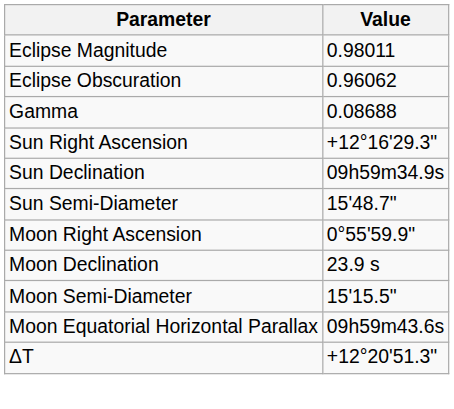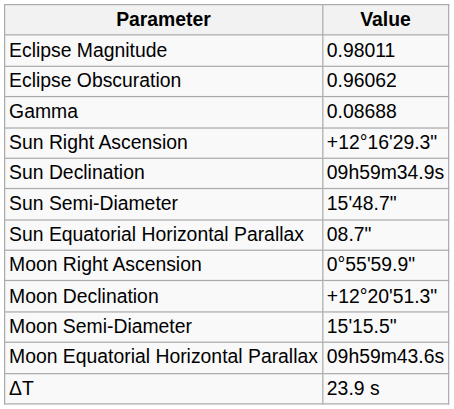 <table class="wikitable">
 <tr>
 <th>Parameter</th>
 <th>Value</th>
 </tr>
 <tr>
 <td>Eclipse Magnitude</td>
 <td>0.98011</td>
 </tr>
 <tr>
 <td>Eclipse Obscuration</td>
 <td>0.96062</td>
 </tr>
 <tr>
 <td>Gamma</td>
 <td>0.08688</td>
 </tr>
 <tr>
 <td>Sun Right Ascension</td>
 <td>+12°16'29.3"</td>
 </tr>
 <tr>
 <td>Sun Declination</td>
 <td>09h59m34.9s</td>
 </tr>
 <tr>
 <td>Sun Semi-Diameter</td>
 <td>15'48.7"</td>
 </tr>
 <tr>
+<td>Sun Equatorial Horizontal Parallax</td>
+<td>08.7"</td>
+</tr>
+<tr>
 <td>Moon Right Ascension</td>
 <td>0°55'59.9"</td>
 </tr>
 <tr>
 <td>Moon Declination</td>
-<td>23.9 s</td>
+<td>+12°20'51.3"</td>
 </tr>
 <tr>
 <td>Moon Semi-Diameter</td>
 <td>15'15.5"</td>
 </tr>
 <tr>
 <td>Moon Equatorial Horizontal Parallax</td>
 <td>09h59m43.6s</td>
 </tr>
 <tr>
 <td>ΔT</td>
-<td>+12°20'51.3"</td>
+<td>23.9 s</td>
 </tr>
 </table>
